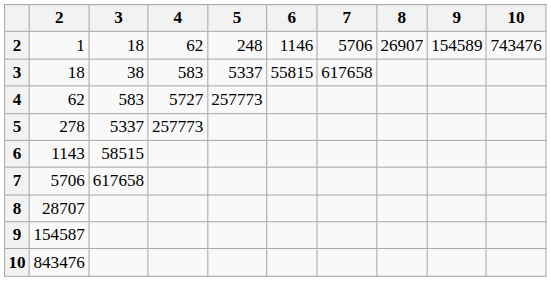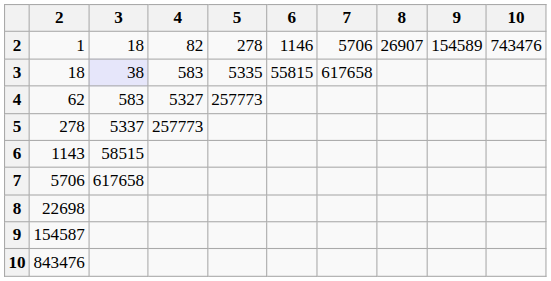 <table class="wikitable" style="text-align:right;">
 <tr>
 <th></th>
 <th>2</th>
 <th>3</th>
 <th>4</th>
 <th>5</th>
 <th>6</th>
 <th>7</th>
 <th>8</th>
 <th>9</th>
 <th>10</th>
 </tr>
 <tr>
 <th>2</th>
 <td>1</td>
 <td>18</td>
-<td>62</td>
-<td>248</td>
+<td>82</td>
+<td>278</td>
 <td>1146</td>
 <td>5706</td>
 <td>26907</td>
 <td>154589</td>
 <td>743476</td>
 </tr>
 <tr>
 <th>3</th>
 <td>18</td>
-<td>38</td>
+<td style="background: lavender;">38</td>
 <td>583</td>
-<td>5337</td>
+<td>5335</td>
 <td>55815</td>
 <td>617658</td>
 <td></td>
 <td></td>
 <td></td>
 </tr>
 <tr>
 <th>4</th>
 <td>62</td>
 <td>583</td>
-<td>5727</td>
+<td>5327</td>
 <td>257773</td>
 <td></td>
 <td></td>
 <td></td>
 <td></td>
 <td></td>
 </tr>
 <tr>
 <th>5</th>
 <td>278</td>
 <td>5337</td>
 <td>257773</td>
 <td></td>
 <td></td>
 <td></td>
 <td></td>
 <td></td>
 <td></td>
 </tr>
 <tr>
 <th>6</th>
 <td>1143</td>
 <td>58515</td>
 <td></td>
 <td></td>
 <td></td>
 <td></td>
 <td></td>
 <td></td>
 <td></td>
 </tr>
 <tr>
 <th>7</th>
 <td>5706</td>
 <td>617658</td>
 <td></td>
 <td></td>
 <td></td>
 <td></td>
 <td></td>
 <td></td>
 <td></td>
 </tr>
 <tr>
 <th>8</th>
-<td>28707</td>
+<td>22698</td>
 <td></td>
 <td></td>
 <td></td>
 <td></td>
 <td></td>
 <td></td>
 <td></td>
 <td></td>
 </tr>
 <tr>
 <th>9</th>
 <td>154587</td>
 <td></td>
 <td></td>
 <td></td>
 <td></td>
 <td></td>
 <td></td>
 <td></td>
 <td></td>
 </tr>
 <tr>
 <th>10</th>
 <td>843476</td>
 <td></td>
 <td></td>
 <td></td>
 <td></td>
 <td></td>
 <td></td>
 <td></td>
 <td></td>
 </tr>
 </table>
